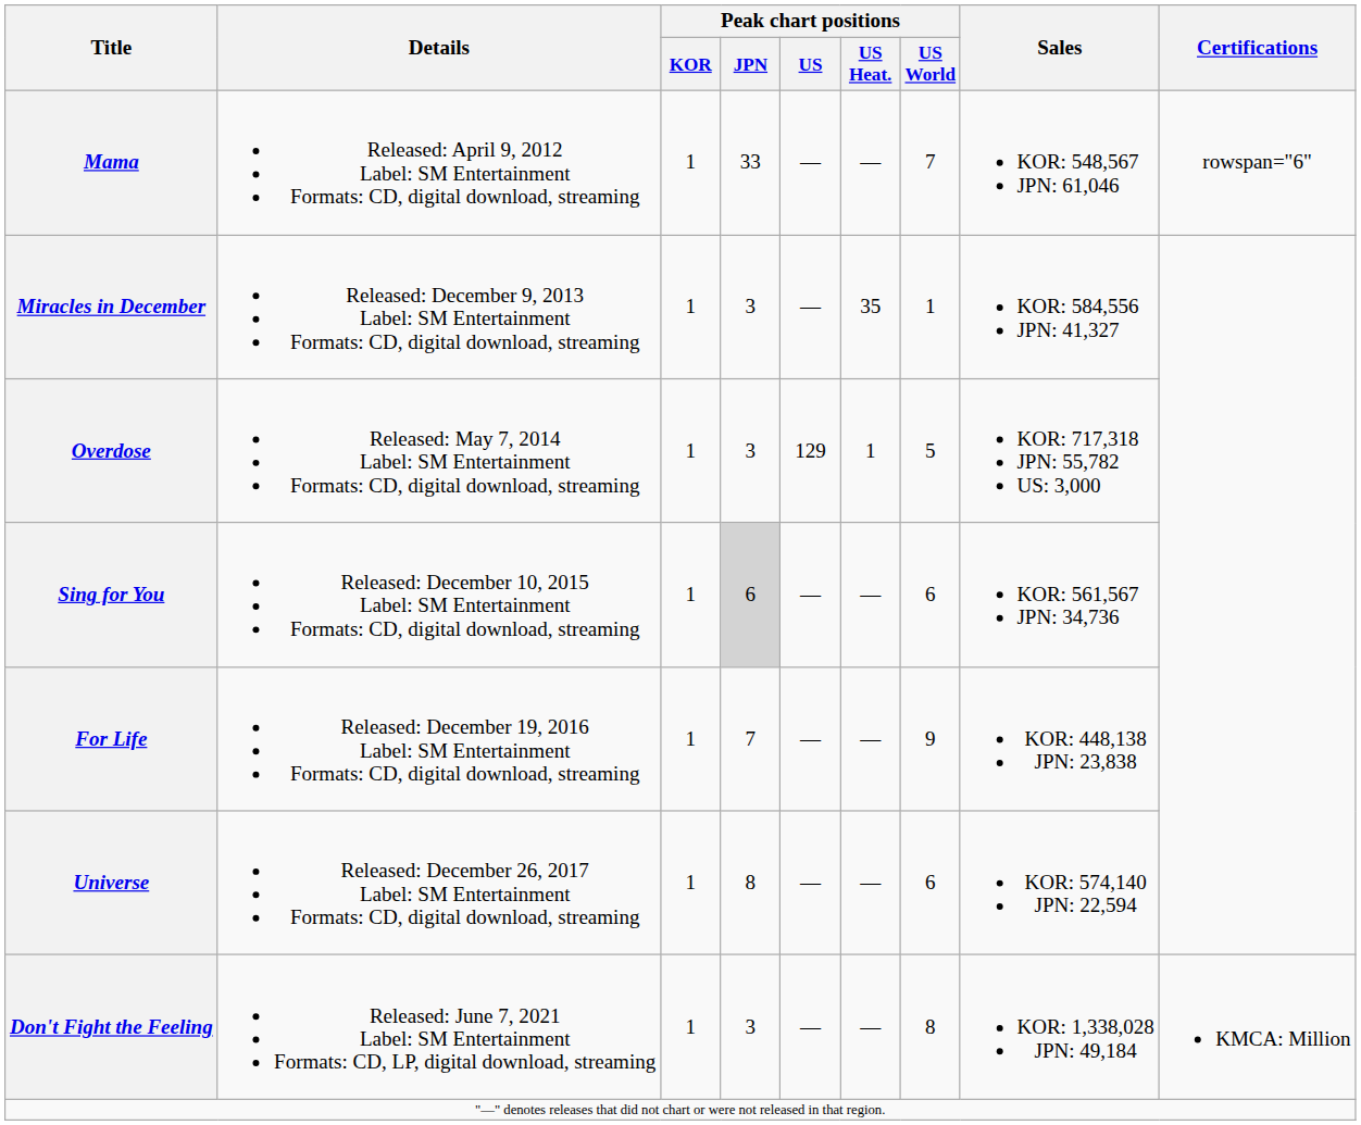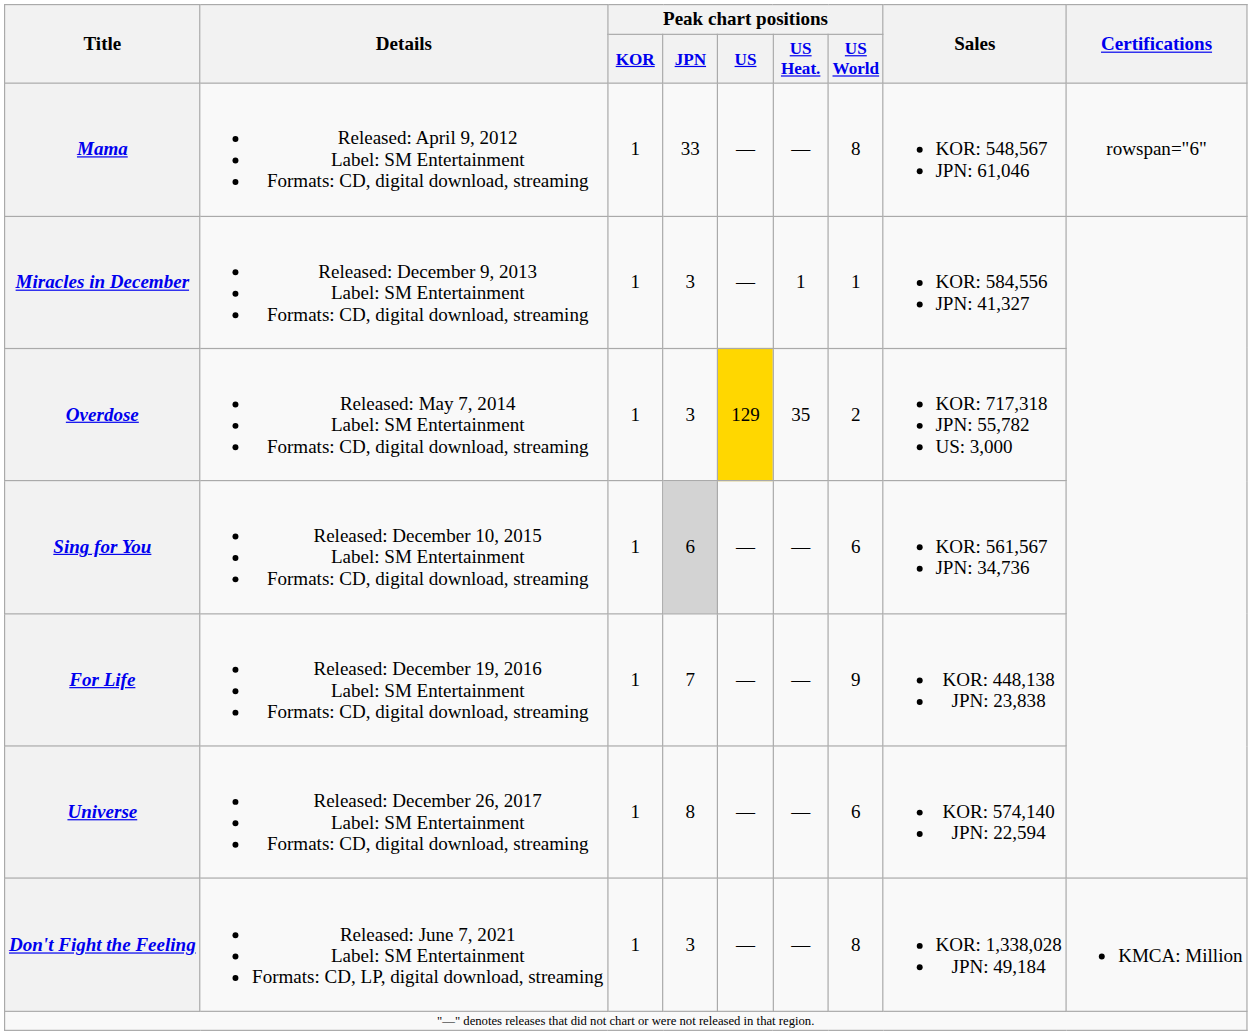 <table class="wikitable plainrowheaders" style="text-align:center; white-space:nowrap;">
 <tr>
 <th scope="col" rowspan="2">Title</th>
 <th scope="col" rowspan="2">Details</th>
 <th scope="col" colspan="5">Peak chart positions</th>
 <th scope="col" rowspan="2">Sales</th>
 <th scope="col" rowspan="2"><a href='#'>Certifications</a></th>
 </tr>
 <tr>
 <th scope="col" style="width:2.75em;font-size:90%;"><a href='#'>KOR</a><br></th>
 <th scope="col" style="width:2.75em;font-size:90%;"><a href='#'>JPN</a><br></th>
 <th scope="col" style="width:2.75em;font-size:90%;"><a href='#'>US</a><br></th>
 <th scope="col" style="width:2.75em;font-size:90%;"><a href='#'>US<br>Heat.</a><br></th>
 <th scope="col" style="width:2.75em;font-size:90%;"><a href='#'>US<br>World</a><br></th>
 </tr>
 <tr>
 <th scope="row"><em><a href='#'>Mama</a></em><br></th>
 <td><br><ul><li>Released: April 9, 2012</li><li>Label: SM Entertainment</li><li>Formats: CD, digital download, streaming</li></ul></td>
 <td>1</td>
 <td>33</td>
 <td>—</td>
 <td>—</td>
-<td>7</td>
+<td>8</td>
 <td style="text-align:left;"><br><ul><li>KOR: 548,567</li><li>JPN: 61,046</li></ul></td>
 <td>rowspan="6" </td>
 </tr>
 <tr>
 <th scope="row"><em><a href='#'>Miracles in December</a></em></th>
 <td><br><ul><li>Released: December 9, 2013</li><li>Label: SM Entertainment</li><li>Formats: CD, digital download, streaming</li></ul></td>
 <td>1</td>
 <td>3</td>
 <td>—</td>
-<td>35</td>
+<td>1</td>
 <td>1</td>
 <td style="text-align:left;"><br><ul><li>KOR: 584,556</li><li>JPN: 41,327</li></ul></td>
 </tr>
 <tr>
 <th scope="row"><em><a href='#'>Overdose</a></em><br></th>
 <td><br><ul><li>Released: May 7, 2014</li><li>Label: SM Entertainment</li><li>Formats: CD, digital download, streaming</li></ul></td>
 <td>1</td>
 <td>3</td>
-<td>129</td>
-<td>1</td>
-<td>5</td>
+<td style="background: gold;">129</td>
+<td>35</td>
+<td>2</td>
 <td style="text-align:left;"><br><ul><li>KOR: 717,318</li><li>JPN: 55,782</li><li>US: 3,000</li></ul></td>
 </tr>
 <tr>
 <th scope="row"><em><a href='#'>Sing for You</a></em></th>
 <td><br><ul><li>Released: December 10, 2015</li><li>Label: SM Entertainment</li><li>Formats: CD, digital download, streaming</li></ul></td>
 <td>1</td>
 <td style="background: lightgrey;">6</td>
 <td>—</td>
 <td>—</td>
 <td>6</td>
 <td style="text-align:left;"><br><ul><li>KOR: 561,567</li><li>JPN: 34,736</li></ul></td>
 </tr>
 <tr>
 <th scope="row"><em><a href='#'>For Life</a></em></th>
 <td><br><ul><li>Released: December 19, 2016</li><li>Label: SM Entertainment</li><li>Formats: CD, digital download, streaming</li></ul></td>
 <td>1</td>
 <td>7</td>
 <td>—</td>
 <td>—</td>
 <td>9</td>
 <td><br><ul><li>KOR: 448,138</li><li>JPN: 23,838</li></ul></td>
 </tr>
 <tr>
 <th scope="row"><em><a href='#'>Universe</a></em></th>
 <td><br><ul><li>Released: December 26, 2017</li><li>Label: SM Entertainment</li><li>Formats: CD, digital download, streaming</li></ul></td>
 <td>1</td>
 <td>8</td>
 <td>—</td>
 <td>—</td>
 <td>6</td>
 <td><br><ul><li>KOR: 574,140</li><li>JPN: 22,594</li></ul></td>
 </tr>
 <tr>
 <th scope="row"><em><a href='#'>Don't Fight the Feeling</a></em></th>
 <td><br><ul><li>Released: June 7, 2021</li><li>Label: SM Entertainment</li><li>Formats: CD, LP, digital download, streaming</li></ul></td>
 <td>1</td>
 <td>3</td>
 <td>—</td>
 <td>—</td>
 <td>8</td>
 <td><br><ul><li>KOR: 1,338,028</li><li>JPN: 49,184</li></ul></td>
 <td><br><ul><li>KMCA: Million</li></ul></td>
 </tr>
 <tr>
 <td colspan="9" style="text-align:center; font-size:8pt;">"—" denotes releases that did not chart or were not released in that region.</td>
 </tr>
 </table>
